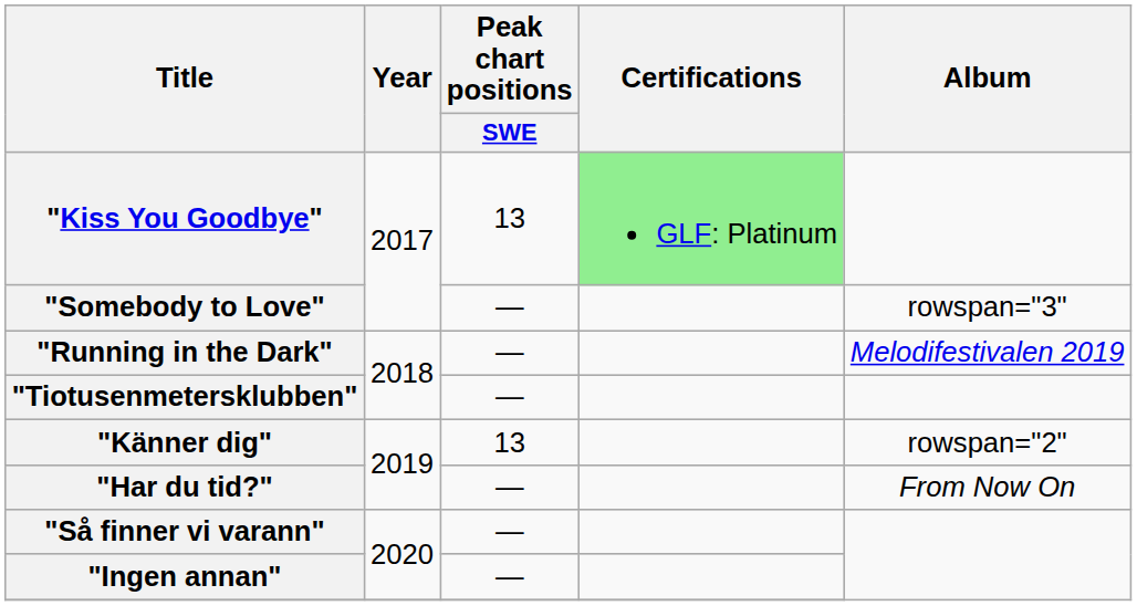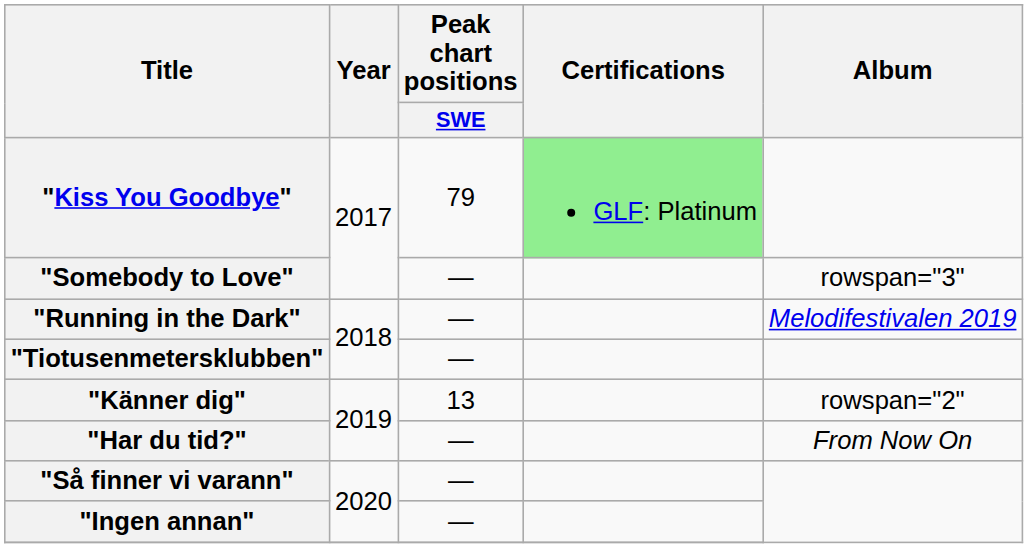 <table class="wikitable plainrowheaders" style="text-align:center;">
 <tr>
 <th scope="col" rowspan="2">Title</th>
 <th scope="col" rowspan="2">Year</th>
 <th scope="col">Peak chart positions</th>
 <th scope="col" rowspan="2">Certifications</th>
 <th scope="col" rowspan="2">Album</th>
 </tr>
 <tr>
 <th scope="col" style="width:3em;font-size:85%;"><a href='#'>SWE</a><br></th>
 </tr>
 <tr>
 <th scope="row">"<a href='#'>Kiss You Goodbye</a>"</th>
 <td rowspan="2">2017</td>
-<td>13</td>
+<td>79</td>
 <td style="background: lightgreen;"><br><ul><li><a href='#'>GLF</a>: Platinum</li></ul></td>
 <td></td>
 </tr>
 <tr>
 <th scope="row">"Somebody to Love"</th>
 <td>—</td>
 <td></td>
 <td>rowspan="3" </td>
 </tr>
 <tr>
 <th scope="row">"Running in the Dark"</th>
 <td rowspan="2">2018</td>
 <td>—</td>
 <td></td>
 <td><em><a href='#'>Melodifestivalen 2019</a></em></td>
 </tr>
 <tr>
 <th scope="row">"Tiotusenmetersklubben"</th>
 <td>—</td>
 <td></td>
 </tr>
 <tr>
 <th scope="row">"Känner dig"</th>
 <td rowspan="2">2019</td>
 <td>13</td>
 <td></td>
 <td>rowspan="2" </td>
 </tr>
 <tr>
 <th scope="row">"Har du tid?"</th>
 <td>—</td>
 <td></td>
 <td><em>From Now On</em></td>
 </tr>
 <tr>
 <th scope="row">"Så finner vi varann"</th>
 <td rowspan="2">2020</td>
 <td>—</td>
 <td></td>
 </tr>
 <tr>
 <th scope="row">"Ingen annan"</th>
 <td>—</td>
 <td></td>
 </tr>
 <tr>
 </tr>
 </table>
